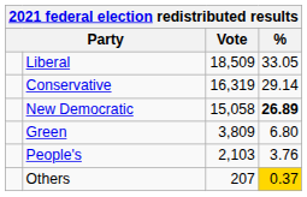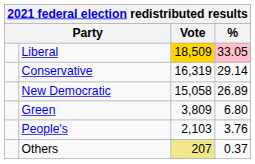 <table class="wikitable">
 <tr>
 <th colspan="4"><a href='#'>2021 federal election</a> redistributed results</th>
 </tr>
 <tr>
 <th bgcolor="#DDDDFF" width="130px" colspan="2">Party</th>
 <th bgcolor="#DDDDFF" width="50px">Vote</th>
 <th bgcolor="#DDDDFF" width="30px">%</th>
 </tr>
 <tr>
 <td> </td>
 <td><a href='#'>Liberal</a></td>
-<td align=right>18,509</td>
-<td align=right>33.05</td>
+<td align=right style="background: gold;">18,509</td>
+<td align=right style="background: pink;">33.05</td>
 </tr>
 <tr>
 <td> </td>
 <td><a href='#'>Conservative</a></td>
 <td align=right>16,319</td>
 <td align=right>29.14</td>
 </tr>
 <tr>
 <td> </td>
 <td><a href='#'>New Democratic</a></td>
 <td align=right>15,058</td>
-<td align=right><strong>26.89</strong></td>
+<td align=right>26.89</td>
 </tr>
 <tr>
 <td> </td>
 <td><a href='#'>Green</a></td>
 <td align=right>3,809</td>
 <td align=right>6.80</td>
 </tr>
 <tr>
 <td> </td>
 <td><a href='#'>People's</a></td>
 <td align=right>2,103</td>
 <td align=right>3.76</td>
 </tr>
 <tr>
 <td> </td>
 <td>Others</td>
-<td align=right>207</td>
-<td align=right style="background: gold;">0.37</td>
+<td align=right style="background: khaki;">207</td>
+<td align=right>0.37</td>
 </tr>
 </table>
